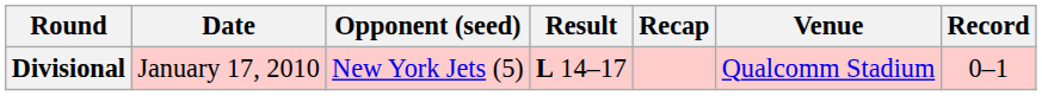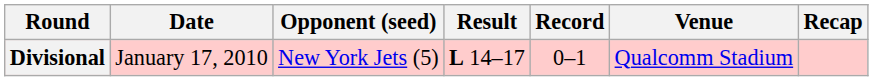 <table class="wikitable" style="text-align:center">
 <tr>
 <th>Round</th>
 <th>Date</th>
 <th>Opponent (seed)</th>
 <th>Result</th>
+<th>Record</th>
+<th>Venue</th>
 <th>Recap</th>
-<th>Venue</th>
-<th>Record</th>
 </tr>
 <tr style="background:#fcc; text-align:center;">
 <th>Divisional</th>
 <td>January 17, 2010</td>
 <td><a href='#'>New York Jets</a> (5)</td>
 <td><strong>L</strong> 14–17</td>
+<td>0–1</td>
+<td><a href='#'>Qualcomm Stadium</a></td>
 <td></td>
-<td><a href='#'>Qualcomm Stadium</a></td>
-<td>0–1</td>
 </tr>
 </table>
